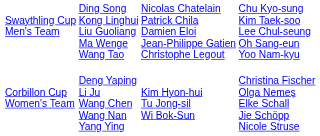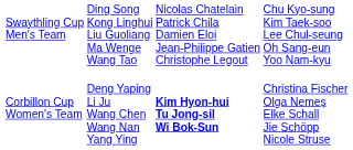 <table>
 <tr>
 <td><a href='#'>Swaythling Cup<br>Men's Team</a></td>
 <td><br><a href='#'>Ding Song</a><br><a href='#'>Kong Linghui</a><br><a href='#'>Liu Guoliang</a><br><a href='#'>Ma Wenge</a><br><a href='#'>Wang Tao</a></td>
 <td><br><a href='#'>Nicolas Chatelain</a><br><a href='#'>Patrick Chila</a><br><a href='#'>Damien Eloi</a><br><a href='#'>Jean-Philippe Gatien</a><br><a href='#'>Christophe Legout</a></td>
 <td><br><a href='#'>Chu Kyo-sung</a><br><a href='#'>Kim Taek-soo</a><br><a href='#'>Lee Chul-seung</a><br><a href='#'>Oh Sang-eun</a><br><a href='#'>Yoo Nam-kyu</a></td>
 </tr>
 <tr>
 <td><a href='#'>Corbillon Cup<br>Women's Team</a></td>
 <td><br><a href='#'>Deng Yaping</a><br><a href='#'>Li Ju</a><br><a href='#'>Wang Chen</a><br><a href='#'>Wang Nan</a><br><a href='#'>Yang Ying</a></td>
-<td><br><a href='#'>Kim Hyon-hui</a><br><a href='#'>Tu Jong-sil</a><br><a href='#'>Wi Bok-Sun</a></td>
+<td><strong><br><a href='#'>Kim Hyon-hui</a><br><a href='#'>Tu Jong-sil</a><br><a href='#'>Wi Bok-Sun</a></strong></td>
 <td><br><a href='#'>Christina Fischer</a><br><a href='#'>Olga Nemeș</a><br><a href='#'>Elke Schall</a><br><a href='#'>Jie Schöpp</a><br><a href='#'>Nicole Struse</a></td>
 </tr>
 </table>
